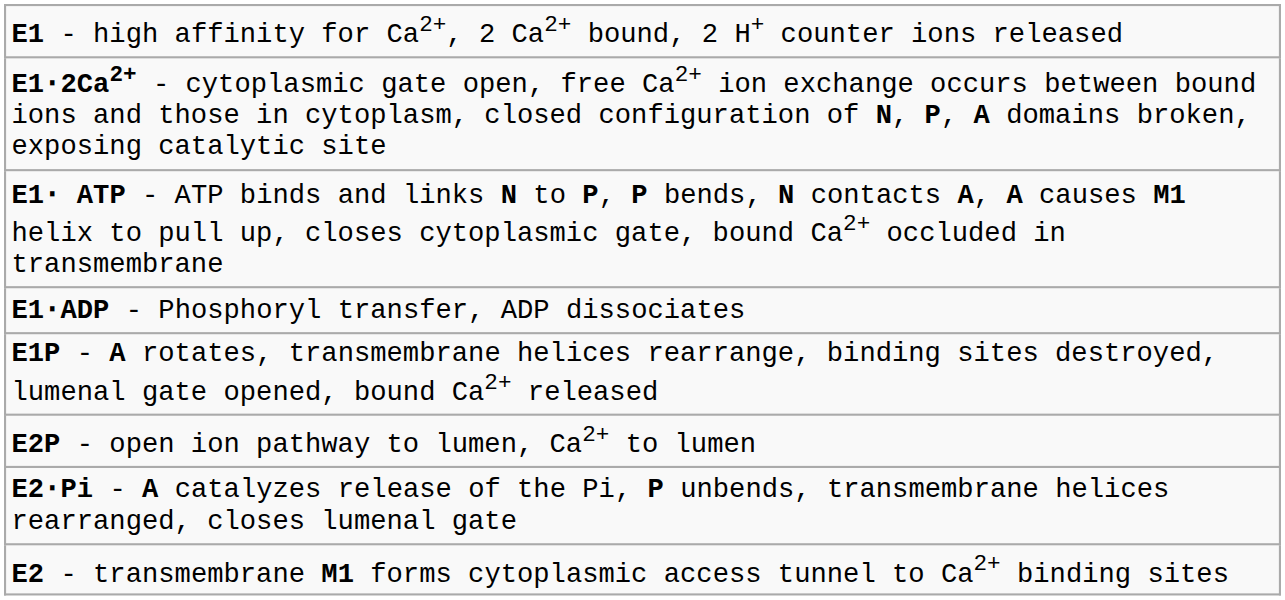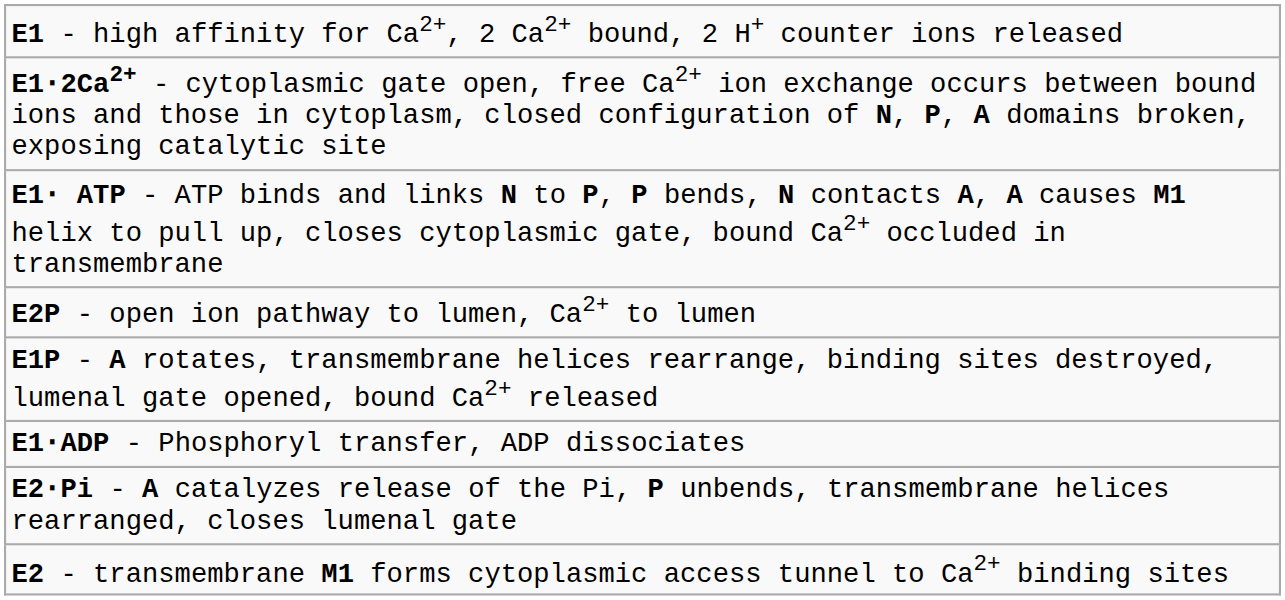 <table class="wikitable">
 <tr>
 <td><strong>E1</strong> - high affinity for Ca<sup>2+</sup>, 2 Ca<sup>2+</sup> bound, 2 H<sup>+</sup> counter ions released</td>
 </tr>
 <tr>
 <td><strong>E1⋅2Ca<sup>2+</sup></strong>  - cytoplasmic gate open, free Ca<sup>2+</sup> ion exchange occurs between bound ions and those in cytoplasm, closed configuration of <strong>N</strong>, <strong>P</strong>, <strong>A</strong> domains broken, exposing catalytic site</td>
 </tr>
 <tr>
 <td><strong>E1⋅ ATP</strong>   - ATP binds and links <strong>N</strong> to <strong>P</strong>, <strong>P</strong> bends, <strong>N</strong> contacts <strong>A</strong>, <strong>A</strong> causes <strong>M1</strong> helix to pull up, closes cytoplasmic gate, bound Ca<sup>2+</sup> occluded in transmembrane</td>
 </tr>
 <tr>
-<td><strong>E1⋅ADP</strong>   - Phosphoryl transfer, ADP dissociates</td>
+<td><strong>E2P</strong> - open ion pathway to lumen, Ca<sup>2+</sup> to lumen</td>
 </tr>
 <tr>
 <td><strong>E1P</strong>  - <strong>A</strong> rotates, transmembrane helices rearrange, binding sites destroyed, lumenal gate opened, bound Ca<sup>2+</sup> released</td>
 </tr>
 <tr>
-<td><strong>E2P</strong> - open ion pathway to lumen, Ca<sup>2+</sup> to lumen</td>
+<td><strong>E1⋅ADP</strong>   - Phosphoryl transfer, ADP dissociates</td>
 </tr>
 <tr>
 <td><strong>E2⋅Pi</strong> - <strong>A</strong> catalyzes release of the Pi, <strong>P</strong> unbends, transmembrane helices rearranged, closes lumenal gate</td>
 </tr>
 <tr>
 <td><strong>E2</strong> - transmembrane <strong>M1</strong> forms cytoplasmic access tunnel to Ca<sup>2+</sup> binding sites</td>
 </tr>
 </table>
